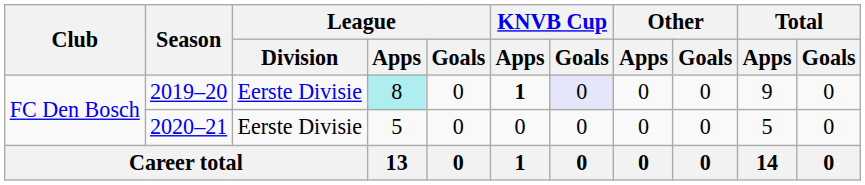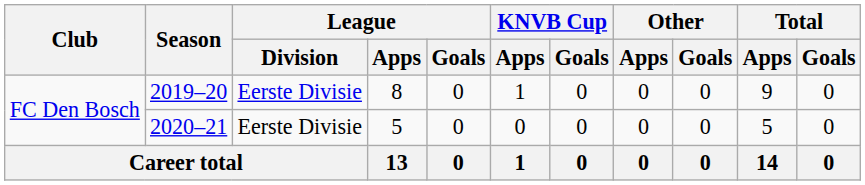 <table class="wikitable" style="text-align: center">
 <tr>
 <th rowspan="2">Club</th>
 <th rowspan="2">Season</th>
 <th colspan="3">League</th>
 <th colspan="2"><a href='#'>KNVB Cup</a></th>
 <th colspan="2">Other</th>
 <th colspan="2">Total</th>
 </tr>
 <tr>
 <th>Division</th>
 <th>Apps</th>
 <th>Goals</th>
 <th>Apps</th>
 <th>Goals</th>
 <th>Apps</th>
 <th>Goals</th>
 <th>Apps</th>
 <th>Goals</th>
 </tr>
 <tr>
 <td rowspan="2"><a href='#'>FC Den Bosch</a></td>
 <td><a href='#'>2019–20</a></td>
 <td><a href='#'>Eerste Divisie</a></td>
-<td style="background: paleturquoise;">8</td>
+<td>8</td>
 <td>0</td>
-<td><strong>1</strong></td>
-<td style="background: lavender;">0</td>
+<td>1</td>
+<td>0</td>
 <td>0</td>
 <td>0</td>
 <td>9</td>
 <td>0</td>
 </tr>
 <tr>
 <td><a href='#'>2020–21</a></td>
 <td>Eerste Divisie</td>
 <td>5</td>
 <td>0</td>
 <td>0</td>
 <td>0</td>
 <td>0</td>
 <td>0</td>
 <td>5</td>
 <td>0</td>
 </tr>
 <tr>
 <th colspan="3">Career total</th>
 <th>13</th>
 <th>0</th>
 <th>1</th>
 <th>0</th>
 <th>0</th>
 <th>0</th>
 <th>14</th>
 <th>0</th>
 </tr>
 </table>
